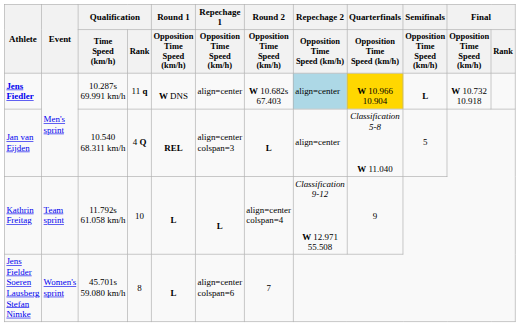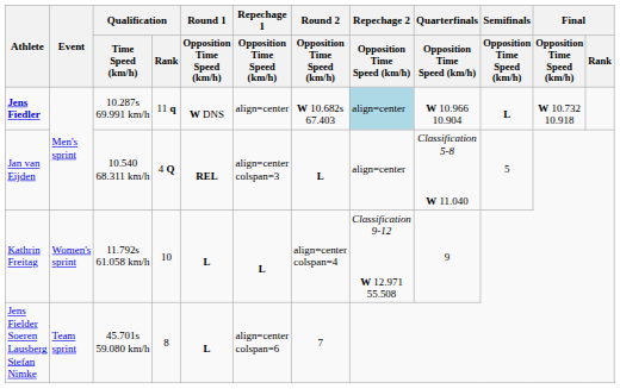 <table class="wikitable" style="font-size:90%">
 <tr>
 <th rowspan="2">Athlete</th>
 <th rowspan="2">Event</th>
 <th colspan=2>Qualification</th>
 <th>Round 1</th>
 <th>Repechage 1</th>
 <th>Round 2</th>
 <th>Repechage 2</th>
 <th>Quarterfinals</th>
 <th>Semifinals</th>
 <th colspan=2>Final</th>
 </tr>
 <tr style="font-size:95%">
 <th>Time<br>Speed (km/h)</th>
 <th>Rank</th>
 <th>Opposition<br>Time<br>Speed (km/h)</th>
 <th>Opposition<br>Time<br>Speed (km/h)</th>
 <th>Opposition<br>Time<br>Speed (km/h)</th>
 <th>Opposition<br>Time<br>Speed (km/h)</th>
 <th>Opposition<br>Time<br>Speed (km/h)</th>
 <th>Opposition<br>Time<br>Speed (km/h)</th>
 <th>Opposition<br>Time<br>Speed (km/h)</th>
 <th>Rank</th>
 </tr>
 <tr>
 <td align=left><strong><a href='#'>Jens Fiedler</a></strong></td>
 <td align=left rowspan=2><a href='#'>Men's sprint</a></td>
 <td align=center>10.287s<br>69.991 km/h</td>
 <td align=center>11 <strong>q</strong></td>
 <td align=center><br><strong>W</strong> DNS</td>
 <td>align=center </td>
 <td align=center><br><strong>W</strong> 10.682s<br> 67.403</td>
 <td style="background: lightblue;">align=center </td>
-<td align=center style="background: gold;"><br><strong>W</strong> 10.966<br> 10.904</td>
+<td align=center><br><strong>W</strong> 10.966<br> 10.904</td>
 <td align=center><br><strong>L</strong></td>
 <td align=center><br><strong>W</strong> 10.732<br> 10.918</td>
 <td align=center></td>
 </tr>
 <tr>
 <td align=left><a href='#'>Jan van Eijden</a></td>
 <td align=center>10.540<br>68.311 km/h</td>
 <td align=center>4 <strong>Q</strong></td>
 <td align=center><br><strong>REL</strong></td>
 <td>align=center colspan=3 </td>
 <td align=center><br><strong>L</strong></td>
 <td>align=center </td>
 <td align=center><em>Classification 5-8</em><br><br> <br> <br><strong>W</strong> 11.040</td>
 <td align=center>5</td>
 </tr>
 <tr>
 <td align=left><a href='#'>Kathrin Freitag</a></td>
-<td align=left><a href='#'>Team sprint</a></td>
+<td align=left><a href='#'>Women's sprint</a></td>
 <td align=center>11.792s<br>61.058 km/h</td>
 <td align=center>10</td>
 <td align=center><br><strong>L</strong></td>
 <td align=center><br> <br> <strong>L</strong></td>
 <td>align=center colspan=4 </td>
 <td align=center><em>Classification 9-12</em><br><br><br><br><strong>W</strong> 12.971<br> 55.508</td>
 <td align=center>9</td>
 </tr>
 <tr>
 <td align=left><a href='#'>Jens Fielder</a><br> <a href='#'>Soeren Lausberg</a><br> <a href='#'>Stefan Nimke</a></td>
-<td align=left><a href='#'>Women's sprint</a></td>
+<td align=left><a href='#'>Team sprint</a></td>
 <td align=center>45.701s<br>59.080 km/h</td>
 <td align=center>8</td>
 <td align=center><br><strong>L</strong></td>
 <td>align=center colspan=6 </td>
 <td align=center>7</td>
 </tr>
 </table>
